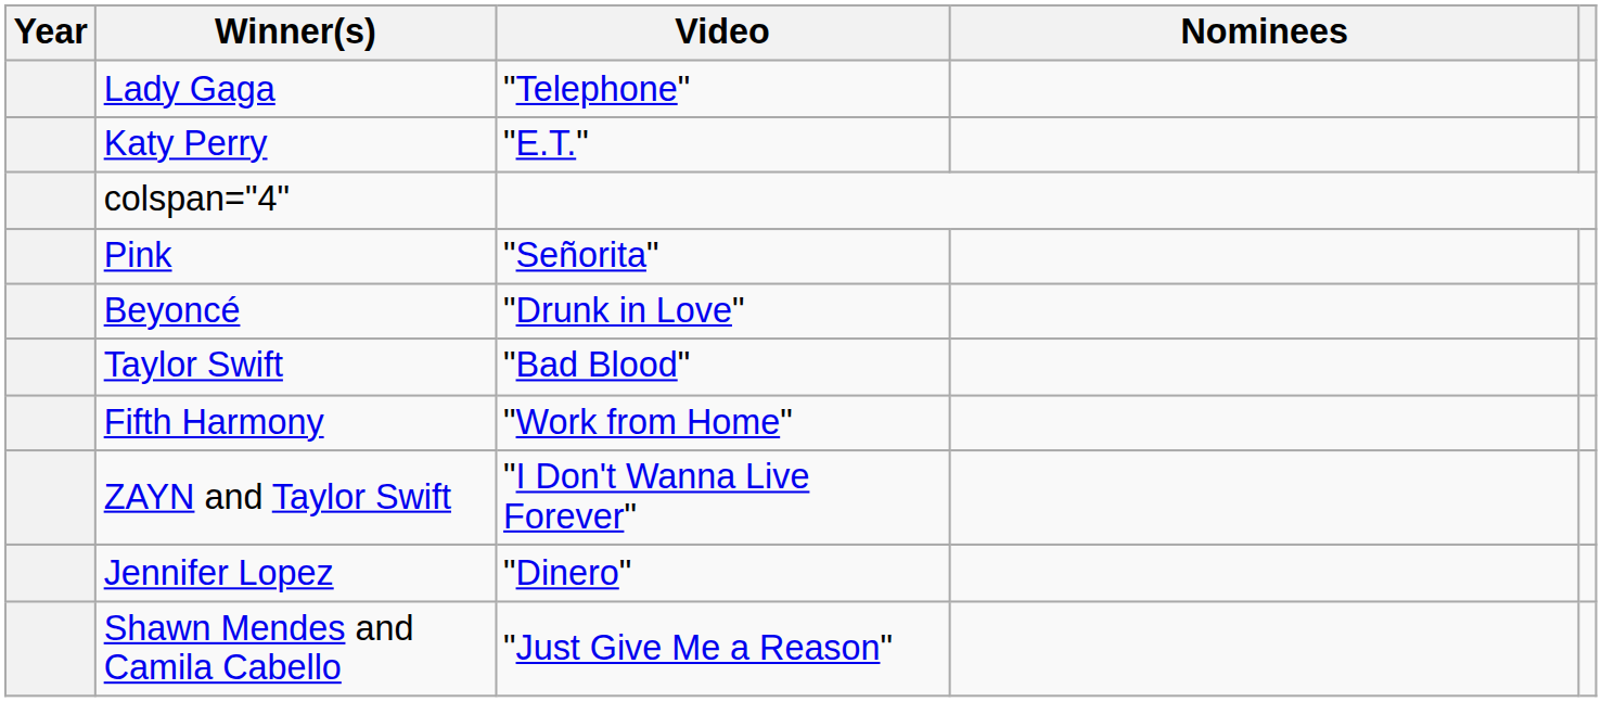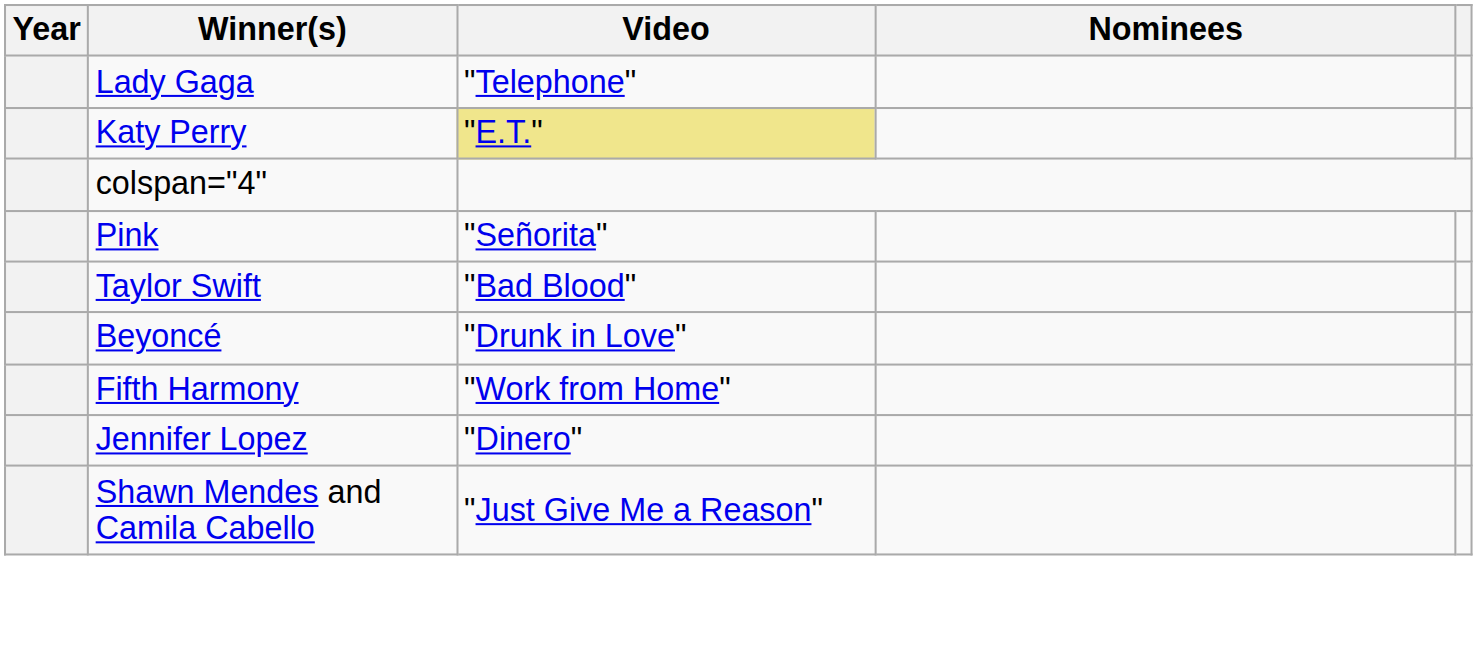 <table class="wikitable sortable">
 <tr>
 <th scope="col">Year</th>
 <th scope="col" style="width:175px;">Winner(s)</th>
 <th scope="col" style="width:200px;">Video</th>
 <th scope="col" style="width:280px;">Nominees</th>
 <th scope="col" class="unsortable"></th>
 </tr>
 <tr>
 <th scope="row"></th>
 <td><a href='#'>Lady Gaga</a> </td>
 <td>"<a href='#'>Telephone</a>"</td>
 <td></td>
 <td align="center"></td>
 </tr>
 <tr>
 <th scope="row"></th>
 <td><a href='#'>Katy Perry</a> </td>
-<td>"<a href='#'>E.T.</a>"</td>
+<td style="background: khaki;">"<a href='#'>E.T.</a>"</td>
 <td></td>
 <td align="center"></td>
 </tr>
 <tr>
 <th scope="row"></th>
 <td>colspan="4" </td>
 </tr>
 <tr>
 <th scope="row"></th>
 <td><a href='#'>Pink</a> </td>
 <td>"<a href='#'>Señorita</a>"</td>
 <td></td>
 <td align="center"></td>
 </tr>
 <tr>
 <th scope="row"></th>
+<td><a href='#'>Taylor Swift</a> </td>
+<td>"<a href='#'>Bad Blood</a>"</td>
+<td></td>
+<td align="center"></td>
+</tr>
+<tr>
+<th scope="row"></th>
 <td><a href='#'>Beyoncé</a> </td>
 <td>"<a href='#'>Drunk in Love</a>"</td>
 <td></td>
 <td align="center"></td>
 </tr>
 <tr>
 <th scope="row"></th>
-<td><a href='#'>Taylor Swift</a> </td>
-<td>"<a href='#'>Bad Blood</a>"</td>
-<td></td>
-<td align="center"></td>
-</tr>
-<tr>
-<th scope="row"></th>
 <td><a href='#'>Fifth Harmony</a> </td>
 <td>"<a href='#'>Work from Home</a>"</td>
-<td></td>
-<td align="center"></td>
-</tr>
-<tr>
-<th scope="row"></th>
-<td><a href='#'>ZAYN</a> and <a href='#'>Taylor Swift</a></td>
-<td>"<a href='#'>I Don't Wanna Live Forever</a>"</td>
 <td></td>
 <td align="center"></td>
 </tr>
 <tr>
 <th scope="row"></th>
 <td><a href='#'>Jennifer Lopez</a> </td>
 <td>"<a href='#'>Dinero</a>"</td>
 <td></td>
 <td align="center"></td>
 </tr>
 <tr>
 <th scope="row"></th>
 <td><a href='#'>Shawn Mendes</a> and <a href='#'>Camila Cabello</a></td>
 <td>"<a href='#'>Just Give Me a Reason</a>"</td>
 <td></td>
 <td align="center"></td>
 </tr>
 </table>
